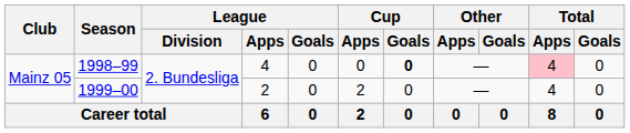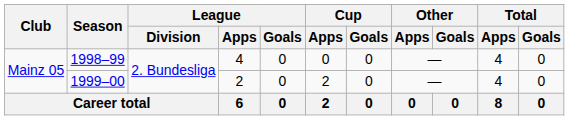 <table class="wikitable" style="text-align:center">
 <tr>
 <th rowspan="2">Club</th>
 <th rowspan="2">Season</th>
 <th colspan="3">League</th>
 <th colspan="2">Cup</th>
 <th colspan="2">Other</th>
 <th colspan="2">Total</th>
 </tr>
 <tr>
 <th>Division</th>
 <th>Apps</th>
 <th>Goals</th>
 <th>Apps</th>
 <th>Goals</th>
 <th>Apps</th>
 <th>Goals</th>
 <th>Apps</th>
 <th>Goals</th>
 </tr>
 <tr>
 <td rowspan="2"><a href='#'>Mainz 05</a></td>
 <td><a href='#'>1998–99</a></td>
 <td rowspan="2"><a href='#'>2. Bundesliga</a></td>
 <td>4</td>
 <td>0</td>
 <td>0</td>
-<td><strong>0</strong></td>
+<td>0</td>
 <td colspan="2">—</td>
-<td style="background: pink;">4</td>
+<td>4</td>
 <td>0</td>
 </tr>
 <tr>
 <td><a href='#'>1999–00</a></td>
 <td>2</td>
 <td>0</td>
 <td>2</td>
 <td>0</td>
 <td colspan="2">—</td>
 <td>4</td>
 <td>0</td>
 </tr>
 <tr>
 <th colspan="3">Career total</th>
 <th>6</th>
 <th>0</th>
 <th>2</th>
 <th>0</th>
 <th>0</th>
 <th>0</th>
 <th>8</th>
 <th>0</th>
 </tr>
 </table>
